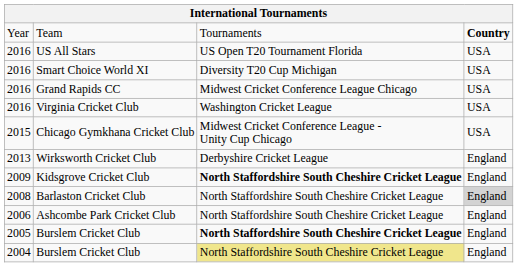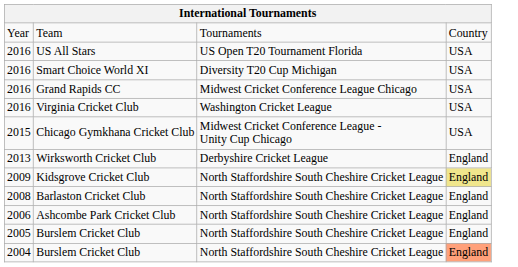 <table class="wikitable mw-collapsible">
 <tr>
 <th colspan="4">International Tournaments</th>
 </tr>
 <tr>
 <td>Year</td>
 <td>Team</td>
 <td>Tournaments</td>
-<td><strong>Country</strong></td>
+<td>Country</td>
 </tr>
 <tr>
 <td>2016</td>
 <td>US All Stars </td>
 <td>US Open T20 Tournament Florida</td>
 <td>USA</td>
 </tr>
 <tr>
 <td>2016</td>
 <td>Smart Choice World XI</td>
 <td>Diversity T20 Cup Michigan</td>
 <td>USA</td>
 </tr>
 <tr>
 <td>2016</td>
 <td>Grand Rapids CC</td>
 <td>Midwest Cricket Conference League Chicago</td>
 <td>USA</td>
 </tr>
 <tr>
 <td>2016</td>
 <td>Virginia Cricket Club</td>
 <td>Washington Cricket League</td>
 <td>USA</td>
 </tr>
 <tr>
 <td>2015</td>
 <td>Chicago Gymkhana Cricket Club</td>
 <td>Midwest Cricket Conference League -<br>Unity Cup Chicago</td>
 <td>USA</td>
 </tr>
 <tr>
 <td>2013</td>
 <td>Wirksworth Cricket Club</td>
 <td>Derbyshire Cricket League</td>
 <td>England</td>
 </tr>
 <tr>
 <td>2009</td>
 <td>Kidsgrove Cricket Club</td>
-<td><strong>North Staffordshire South Cheshire Cricket League</strong></td>
-<td>England</td>
+<td>North Staffordshire South Cheshire Cricket League</td>
+<td style="background: khaki;">England</td>
 </tr>
 <tr>
 <td>2008</td>
 <td>Barlaston Cricket Club</td>
 <td>North Staffordshire South Cheshire Cricket League</td>
-<td style="background: lightgrey;">England</td>
+<td>England</td>
 </tr>
 <tr>
 <td>2006</td>
 <td>Ashcombe Park Cricket Club</td>
 <td>North Staffordshire South Cheshire Cricket League</td>
 <td>England</td>
 </tr>
 <tr>
 <td>2005</td>
 <td>Burslem Cricket Club</td>
-<td><strong>North Staffordshire South Cheshire Cricket League</strong></td>
+<td>North Staffordshire South Cheshire Cricket League</td>
 <td>England</td>
 </tr>
 <tr>
 <td>2004</td>
 <td>Burslem Cricket Club</td>
-<td style="background: khaki;">North Staffordshire South Cheshire Cricket League</td>
-<td>England</td>
+<td>North Staffordshire South Cheshire Cricket League</td>
+<td style="background: lightsalmon;">England</td>
 </tr>
 </table>
